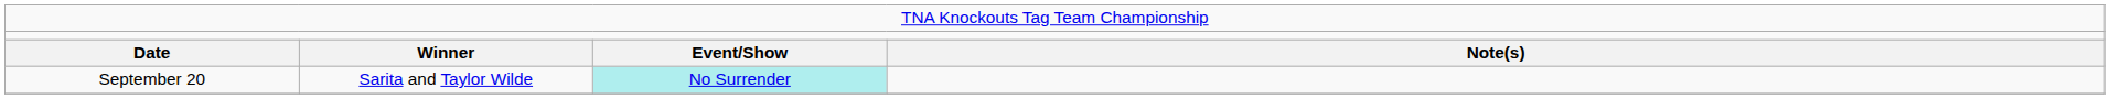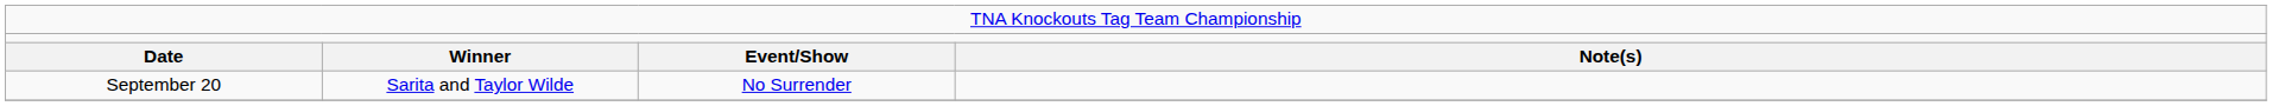 <table class="wikitable" style="text-align:center; width:100%;">
 <tr>
 <td colspan="5"><a href='#'>TNA Knockouts Tag Team Championship</a></td>
 </tr>
 <tr>
 <td colspan="5"><strong></strong></td>
 </tr>
 <tr>
 <th width="14%">Date</th>
 <th width="14%">Winner</th>
 <th width="14%">Event/Show</th>
 <th width="58%">Note(s)</th>
 </tr>
 <tr>
 <td>September 20</td>
 <td><a href='#'>Sarita</a> and <a href='#'>Taylor Wilde</a></td>
-<td style="background: paleturquoise;"><a href='#'>No Surrender</a></td>
+<td><a href='#'>No Surrender</a></td>
 <td></td>
 </tr>
 <tr>
 </tr>
 </table>
